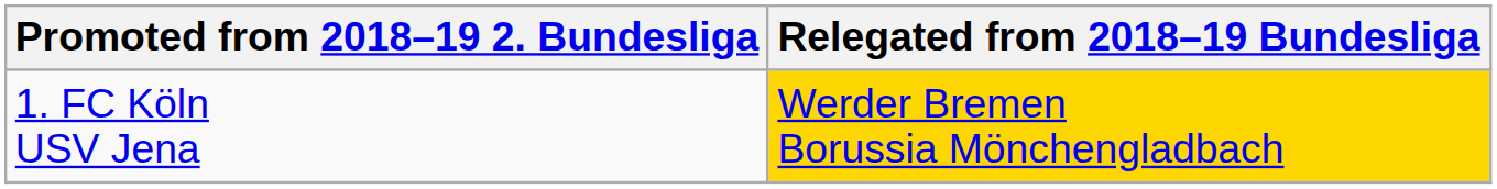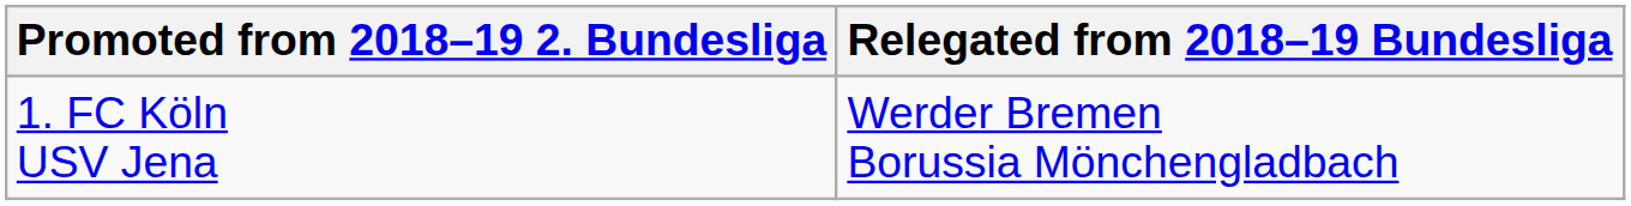 <table class="wikitable">
 <tr>
 <th>Promoted from <a href='#'>2018–19 2. Bundesliga</a></th>
 <th>Relegated from <a href='#'>2018–19 Bundesliga</a></th>
 </tr>
 <tr>
 <td><a href='#'>1. FC Köln</a><br><a href='#'>USV Jena</a></td>
-<td style="background: gold;"><a href='#'>Werder Bremen</a><br><a href='#'>Borussia Mönchengladbach</a></td>
+<td><a href='#'>Werder Bremen</a><br><a href='#'>Borussia Mönchengladbach</a></td>
 </tr>
 </table>
